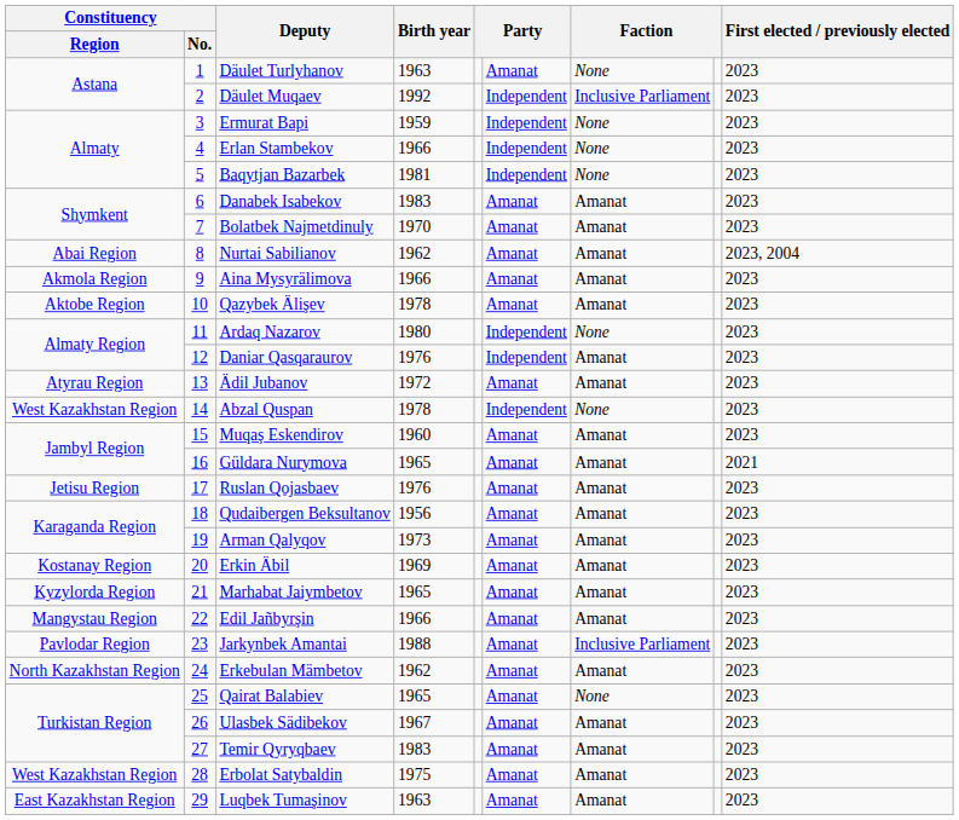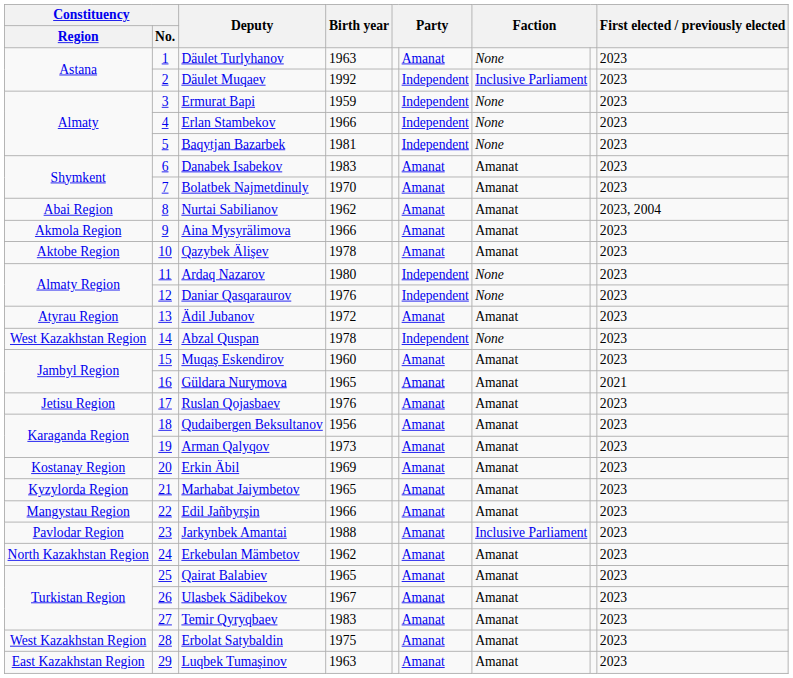 <table class="wikitable sortable plainrowheaders" id="votingmembers">
 <tr>
 <th colspan="2"><a href='#'>Constituency</a></th>
 <th rowspan="2">Deputy</th>
 <th rowspan="2">Birth year</th>
 <th colspan="2" rowspan="2">Party</th>
 <th colspan="2" rowspan="2">Faction</th>
 <th rowspan="2">First elected / previously elected</th>
 </tr>
 <tr>
 <th scope="col"><a href='#'>Region</a></th>
 <th scope="col">No.</th>
 </tr>
 <tr>
 <td rowspan="2" style="text-align:center"><a href='#'>Astana</a></td>
 <td style="text-align:center"><a href='#'>1</a></td>
 <td><a href='#'>Däulet Turlyhanov</a></td>
 <td>1963</td>
 <td style="background-color:"></td>
 <td><a href='#'>Amanat</a></td>
 <td><em>None</em></td>
 <td></td>
 <td>2023</td>
 </tr>
 <tr>
 <td style="text-align:center"><a href='#'>2</a></td>
 <td><a href='#'>Däulet Muqaev</a></td>
 <td>1992</td>
 <td style="background-color:"></td>
 <td><a href='#'>Independent</a></td>
 <td><a href='#'>Inclusive Parliament</a></td>
 <td></td>
 <td>2023</td>
 </tr>
 <tr>
 <td rowspan="3" style="text-align:center"><a href='#'>Almaty</a></td>
 <td style="text-align:center"><a href='#'>3</a></td>
 <td><a href='#'>Ermurat Bapi</a></td>
 <td>1959</td>
 <td style="background-color:"></td>
 <td><a href='#'>Independent</a></td>
 <td><em>None</em></td>
 <td></td>
 <td>2023</td>
 </tr>
 <tr>
 <td style="text-align:center"><a href='#'>4</a></td>
 <td><a href='#'>Erlan Stambekov</a></td>
 <td>1966</td>
 <td style="background-color:"></td>
 <td><a href='#'>Independent</a></td>
 <td><em>None</em></td>
 <td></td>
 <td>2023</td>
 </tr>
 <tr>
 <td style="text-align:center"><a href='#'>5</a></td>
 <td><a href='#'>Baqytjan Bazarbek</a></td>
 <td>1981</td>
 <td style="background-color:"></td>
 <td><a href='#'>Independent</a></td>
 <td><em>None</em></td>
 <td></td>
 <td>2023</td>
 </tr>
 <tr>
 <td rowspan="2" style="text-align:center"><a href='#'>Shymkent</a></td>
 <td style="text-align:center"><a href='#'>6</a></td>
 <td><a href='#'>Danabek Isabekov</a></td>
 <td>1983</td>
 <td style="background-color:"></td>
 <td><a href='#'>Amanat</a></td>
 <td>Amanat</td>
 <td style="background-color:"></td>
 <td>2023</td>
 </tr>
 <tr>
 <td style="text-align:center"><a href='#'>7</a></td>
 <td><a href='#'>Bolatbek Najmetdinuly</a></td>
 <td>1970</td>
 <td style="background-color:"></td>
 <td><a href='#'>Amanat</a></td>
 <td>Amanat</td>
 <td style="background-color:"></td>
 <td>2023</td>
 </tr>
 <tr>
 <td style="text-align:center"><a href='#'>Abai Region</a></td>
 <td style="text-align:center"><a href='#'>8</a></td>
 <td><a href='#'>Nurtai Sabilianov</a></td>
 <td>1962</td>
 <td style="background-color:"></td>
 <td><a href='#'>Amanat</a></td>
 <td>Amanat</td>
 <td style="background-color:"></td>
 <td>2023, 2004</td>
 </tr>
 <tr>
 <td style="text-align:center"><a href='#'>Akmola Region</a></td>
 <td style="text-align:center"><a href='#'>9</a></td>
 <td><a href='#'>Aina Mysyrälimova</a></td>
 <td>1966</td>
 <td style="background-color:"></td>
 <td><a href='#'>Amanat</a></td>
 <td>Amanat</td>
 <td style="background-color:"></td>
 <td>2023</td>
 </tr>
 <tr>
 <td style="text-align:center"><a href='#'>Aktobe Region</a></td>
 <td style="text-align:center"><a href='#'>10</a></td>
 <td><a href='#'>Qazybek Älişev</a></td>
 <td>1978</td>
 <td style="background-color:"></td>
 <td><a href='#'>Amanat</a></td>
 <td>Amanat</td>
 <td style="background-color:"></td>
 <td>2023</td>
 </tr>
 <tr>
 <td rowspan="2" style="text-align:center"><a href='#'>Almaty Region</a></td>
 <td style="text-align:center"><a href='#'>11</a></td>
 <td><a href='#'>Ardaq Nazarov</a></td>
 <td>1980</td>
 <td style="background-color:"></td>
 <td><a href='#'>Independent</a></td>
 <td><em>None</em></td>
 <td></td>
 <td>2023</td>
 </tr>
 <tr>
 <td style="text-align:center"><a href='#'>12</a></td>
 <td><a href='#'>Daniar Qasqaraurov</a></td>
 <td>1976</td>
 <td style="background-color:"></td>
 <td><a href='#'>Independent</a></td>
-<td>Amanat</td>
+<td><em>None</em></td>
 <td></td>
 <td>2023</td>
 </tr>
 <tr>
 <td style="text-align:center"><a href='#'>Atyrau Region</a></td>
 <td style="text-align:center"><a href='#'>13</a></td>
 <td><a href='#'>Ädil Jubanov</a></td>
 <td>1972</td>
 <td style="background-color:"></td>
 <td><a href='#'>Amanat</a></td>
 <td>Amanat</td>
 <td style="background-color:"></td>
 <td>2023</td>
 </tr>
 <tr>
 <td style="text-align:center"><a href='#'>West Kazakhstan Region</a></td>
 <td style="text-align:center"><a href='#'>14</a></td>
 <td><a href='#'>Abzal Quspan</a></td>
 <td>1978</td>
 <td style="background-color:"></td>
 <td><a href='#'>Independent</a></td>
 <td><em>None</em></td>
 <td></td>
 <td>2023</td>
 </tr>
 <tr>
 <td rowspan="2" style="text-align:center"><a href='#'>Jambyl Region</a></td>
 <td style="text-align:center"><a href='#'>15</a></td>
 <td><a href='#'>Muqaş Eskendirov</a></td>
 <td>1960</td>
 <td style="background-color:"></td>
 <td><a href='#'>Amanat</a></td>
 <td>Amanat</td>
 <td style="background-color:"></td>
 <td>2023</td>
 </tr>
 <tr>
 <td style="text-align:center"><a href='#'>16</a></td>
 <td><a href='#'>Güldara Nurymova</a></td>
 <td>1965</td>
 <td style="background-color:"></td>
 <td><a href='#'>Amanat</a></td>
 <td>Amanat</td>
 <td style="background-color:"></td>
 <td>2021</td>
 </tr>
 <tr>
 <td style="text-align:center"><a href='#'>Jetisu Region</a></td>
 <td style="text-align:center"><a href='#'>17</a></td>
 <td><a href='#'>Ruslan Qojasbaev</a></td>
 <td>1976</td>
 <td style="background-color:"></td>
 <td><a href='#'>Amanat</a></td>
 <td>Amanat</td>
 <td style="background-color:"></td>
 <td>2023</td>
 </tr>
 <tr>
 <td rowspan="2" style="text-align:center"><a href='#'>Karaganda Region</a></td>
 <td style="text-align:center"><a href='#'>18</a></td>
 <td><a href='#'>Qudaibergen Beksultanov</a></td>
 <td>1956</td>
 <td style="background-color:"></td>
 <td><a href='#'>Amanat</a></td>
 <td>Amanat</td>
 <td style="background-color:"></td>
 <td>2023</td>
 </tr>
 <tr>
 <td style="text-align:center"><a href='#'>19</a></td>
 <td><a href='#'>Arman Qalyqov</a></td>
 <td>1973</td>
 <td style="background-color:"></td>
 <td><a href='#'>Amanat</a></td>
 <td>Amanat</td>
 <td style="background-color:"></td>
 <td>2023</td>
 </tr>
 <tr>
 <td style="text-align:center"><a href='#'>Kostanay Region</a></td>
 <td style="text-align:center"><a href='#'>20</a></td>
 <td><a href='#'>Erkin Äbil</a></td>
 <td>1969</td>
 <td style="background-color:"></td>
 <td><a href='#'>Amanat</a></td>
 <td>Amanat</td>
 <td style="background-color:"></td>
 <td>2023</td>
 </tr>
 <tr>
 <td style="text-align:center"><a href='#'>Kyzylorda Region</a></td>
 <td style="text-align:center"><a href='#'>21</a></td>
 <td><a href='#'>Marhabat Jaiymbetov</a></td>
 <td>1965</td>
 <td style="background-color:"></td>
 <td><a href='#'>Amanat</a></td>
 <td>Amanat</td>
 <td style="background-color:"></td>
 <td>2023</td>
 </tr>
 <tr>
 <td style="text-align:center"><a href='#'>Mangystau Region</a></td>
 <td style="text-align:center"><a href='#'>22</a></td>
 <td><a href='#'>Edil Jañbyrşin</a></td>
 <td>1966</td>
 <td style="background-color:"></td>
 <td><a href='#'>Amanat</a></td>
 <td>Amanat</td>
 <td style="background-color:"></td>
 <td>2023</td>
 </tr>
 <tr>
 <td style="text-align:center"><a href='#'>Pavlodar Region</a></td>
 <td style="text-align:center"><a href='#'>23</a></td>
 <td><a href='#'>Jarkynbek Amantai</a></td>
 <td>1988</td>
 <td style="background-color:"></td>
 <td><a href='#'>Amanat</a></td>
 <td><a href='#'>Inclusive Parliament</a></td>
 <td></td>
 <td>2023</td>
 </tr>
 <tr>
 <td style="text-align:center"><a href='#'>North Kazakhstan Region</a></td>
 <td style="text-align:center"><a href='#'>24</a></td>
 <td><a href='#'>Erkebulan Mämbetov</a></td>
 <td>1962</td>
 <td style="background-color:"></td>
 <td><a href='#'>Amanat</a></td>
 <td>Amanat</td>
 <td style="background-color:"></td>
 <td>2023</td>
 </tr>
 <tr>
 <td rowspan="3" style="text-align:center"><a href='#'>Turkistan Region</a></td>
 <td style="text-align:center"><a href='#'>25</a></td>
 <td><a href='#'>Qairat Balabiev</a></td>
 <td>1965</td>
 <td style="background-color:"></td>
 <td><a href='#'>Amanat</a></td>
-<td><em>None</em></td>
+<td>Amanat</td>
 <td style="background-color:"></td>
 <td>2023</td>
 </tr>
 <tr>
 <td style="text-align:center"><a href='#'>26</a></td>
 <td><a href='#'>Ulasbek Sädibekov</a></td>
 <td>1967</td>
 <td style="background-color:"></td>
 <td><a href='#'>Amanat</a></td>
 <td>Amanat</td>
 <td style="background-color:"></td>
 <td>2023</td>
 </tr>
 <tr>
 <td style="text-align:center"><a href='#'>27</a></td>
 <td><a href='#'>Temir Qyryqbaev</a></td>
 <td>1983</td>
 <td style="background-color:"></td>
 <td><a href='#'>Amanat</a></td>
 <td>Amanat</td>
 <td style="background-color:"></td>
 <td>2023</td>
 </tr>
 <tr>
 <td style="text-align:center"><a href='#'>West Kazakhstan Region</a></td>
 <td style="text-align:center"><a href='#'>28</a></td>
 <td><a href='#'>Erbolat Satybaldin</a></td>
 <td>1975</td>
 <td style="background-color:"></td>
 <td><a href='#'>Amanat</a></td>
 <td>Amanat</td>
 <td style="background-color:"></td>
 <td>2023</td>
 </tr>
 <tr>
 <td style="text-align:center"><a href='#'>East Kazakhstan Region</a></td>
 <td style="text-align:center"><a href='#'>29</a></td>
 <td><a href='#'>Luqbek Tumaşinov</a></td>
 <td>1963</td>
 <td style="background-color:"></td>
 <td><a href='#'>Amanat</a></td>
 <td>Amanat</td>
 <td style="background-color:"></td>
 <td>2023</td>
 </tr>
 </table>
